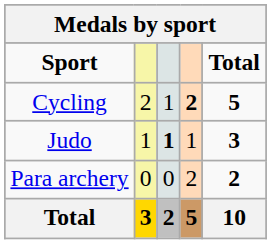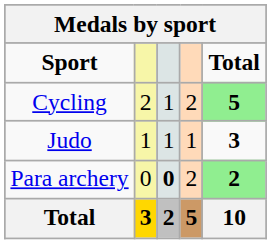 <table class="wikitable" style="font-size:85%">
 <tr style="background:#efefef;">
 <th colspan=7><strong>Medals by sport</strong></th>
 </tr>
 <tr align=center>
 <td><strong>Sport</strong></td>
 <td bgcolor=#f7f6a8></td>
 <td bgcolor=#dce5e5></td>
 <td bgcolor=#ffdab9></td>
 <td><strong>Total</strong></td>
 </tr>
 <tr align=center>
 <td><a href='#'>Cycling</a></td>
 <td style="background:#F7F6A8;">2</td>
 <td style="background:#DCE5E5;">1</td>
-<td style="background:#FFDAB9;"><strong>2</strong></td>
-<td><strong>5</strong></td>
+<td style="background:#FFDAB9;">2</td>
+<td style="background: lightgreen;"><strong>5</strong></td>
 </tr>
 <tr align=center>
 <td><a href='#'>Judo</a></td>
 <td style="background:#F7F6A8;">1</td>
-<td style="background:#DCE5E5;"><strong>1</strong></td>
+<td style="background:#DCE5E5;">1</td>
 <td style="background:#FFDAB9;">1</td>
 <td><strong>3</strong></td>
 </tr>
 <tr align=center>
 <td><a href='#'>Para archery</a></td>
 <td style="background:#F7F6A8;">0</td>
-<td style="background:#DCE5E5;">0</td>
+<td style="background:#DCE5E5;"><strong>0</strong></td>
 <td style="background:#FFDAB9;">2</td>
-<td><strong>2</strong></td>
+<td style="background: lightgreen;"><strong>2</strong></td>
 </tr>
 <tr align=center>
 <th><strong>Total</strong></th>
 <th style="background:gold;"><strong>3</strong></th>
 <th style="background:silver;"><strong>2</strong></th>
 <th style="background:#c96;"><strong>5</strong></th>
 <th><strong>10</strong></th>
 </tr>
 </table>
